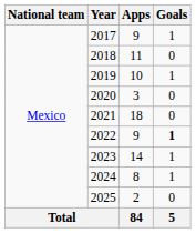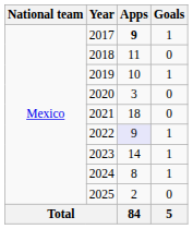 <table class="wikitable" style="text-align:center">
 <tr>
 <th>National team</th>
 <th>Year</th>
 <th>Apps</th>
 <th>Goals</th>
 </tr>
 <tr>
 <td rowspan="9"><a href='#'>Mexico</a></td>
 <td>2017</td>
-<td>9</td>
+<td><strong>9</strong></td>
 <td>1</td>
 </tr>
 <tr>
 <td>2018</td>
 <td>11</td>
 <td>0</td>
 </tr>
 <tr>
 <td>2019</td>
 <td>10</td>
 <td>1</td>
 </tr>
 <tr>
 <td>2020</td>
 <td>3</td>
 <td>0</td>
 </tr>
 <tr>
 <td>2021</td>
 <td>18</td>
 <td>0</td>
 </tr>
 <tr>
 <td>2022</td>
-<td>9</td>
-<td><strong>1</strong></td>
+<td style="background: lavender;">9</td>
+<td>1</td>
 </tr>
 <tr>
 <td>2023</td>
 <td>14</td>
 <td>1</td>
 </tr>
 <tr>
 <td>2024</td>
 <td>8</td>
 <td>1</td>
 </tr>
 <tr>
 <td>2025</td>
 <td>2</td>
 <td>0</td>
 </tr>
 <tr>
 <th colspan="2">Total</th>
 <th>84</th>
 <th>5</th>
 </tr>
 </table>
